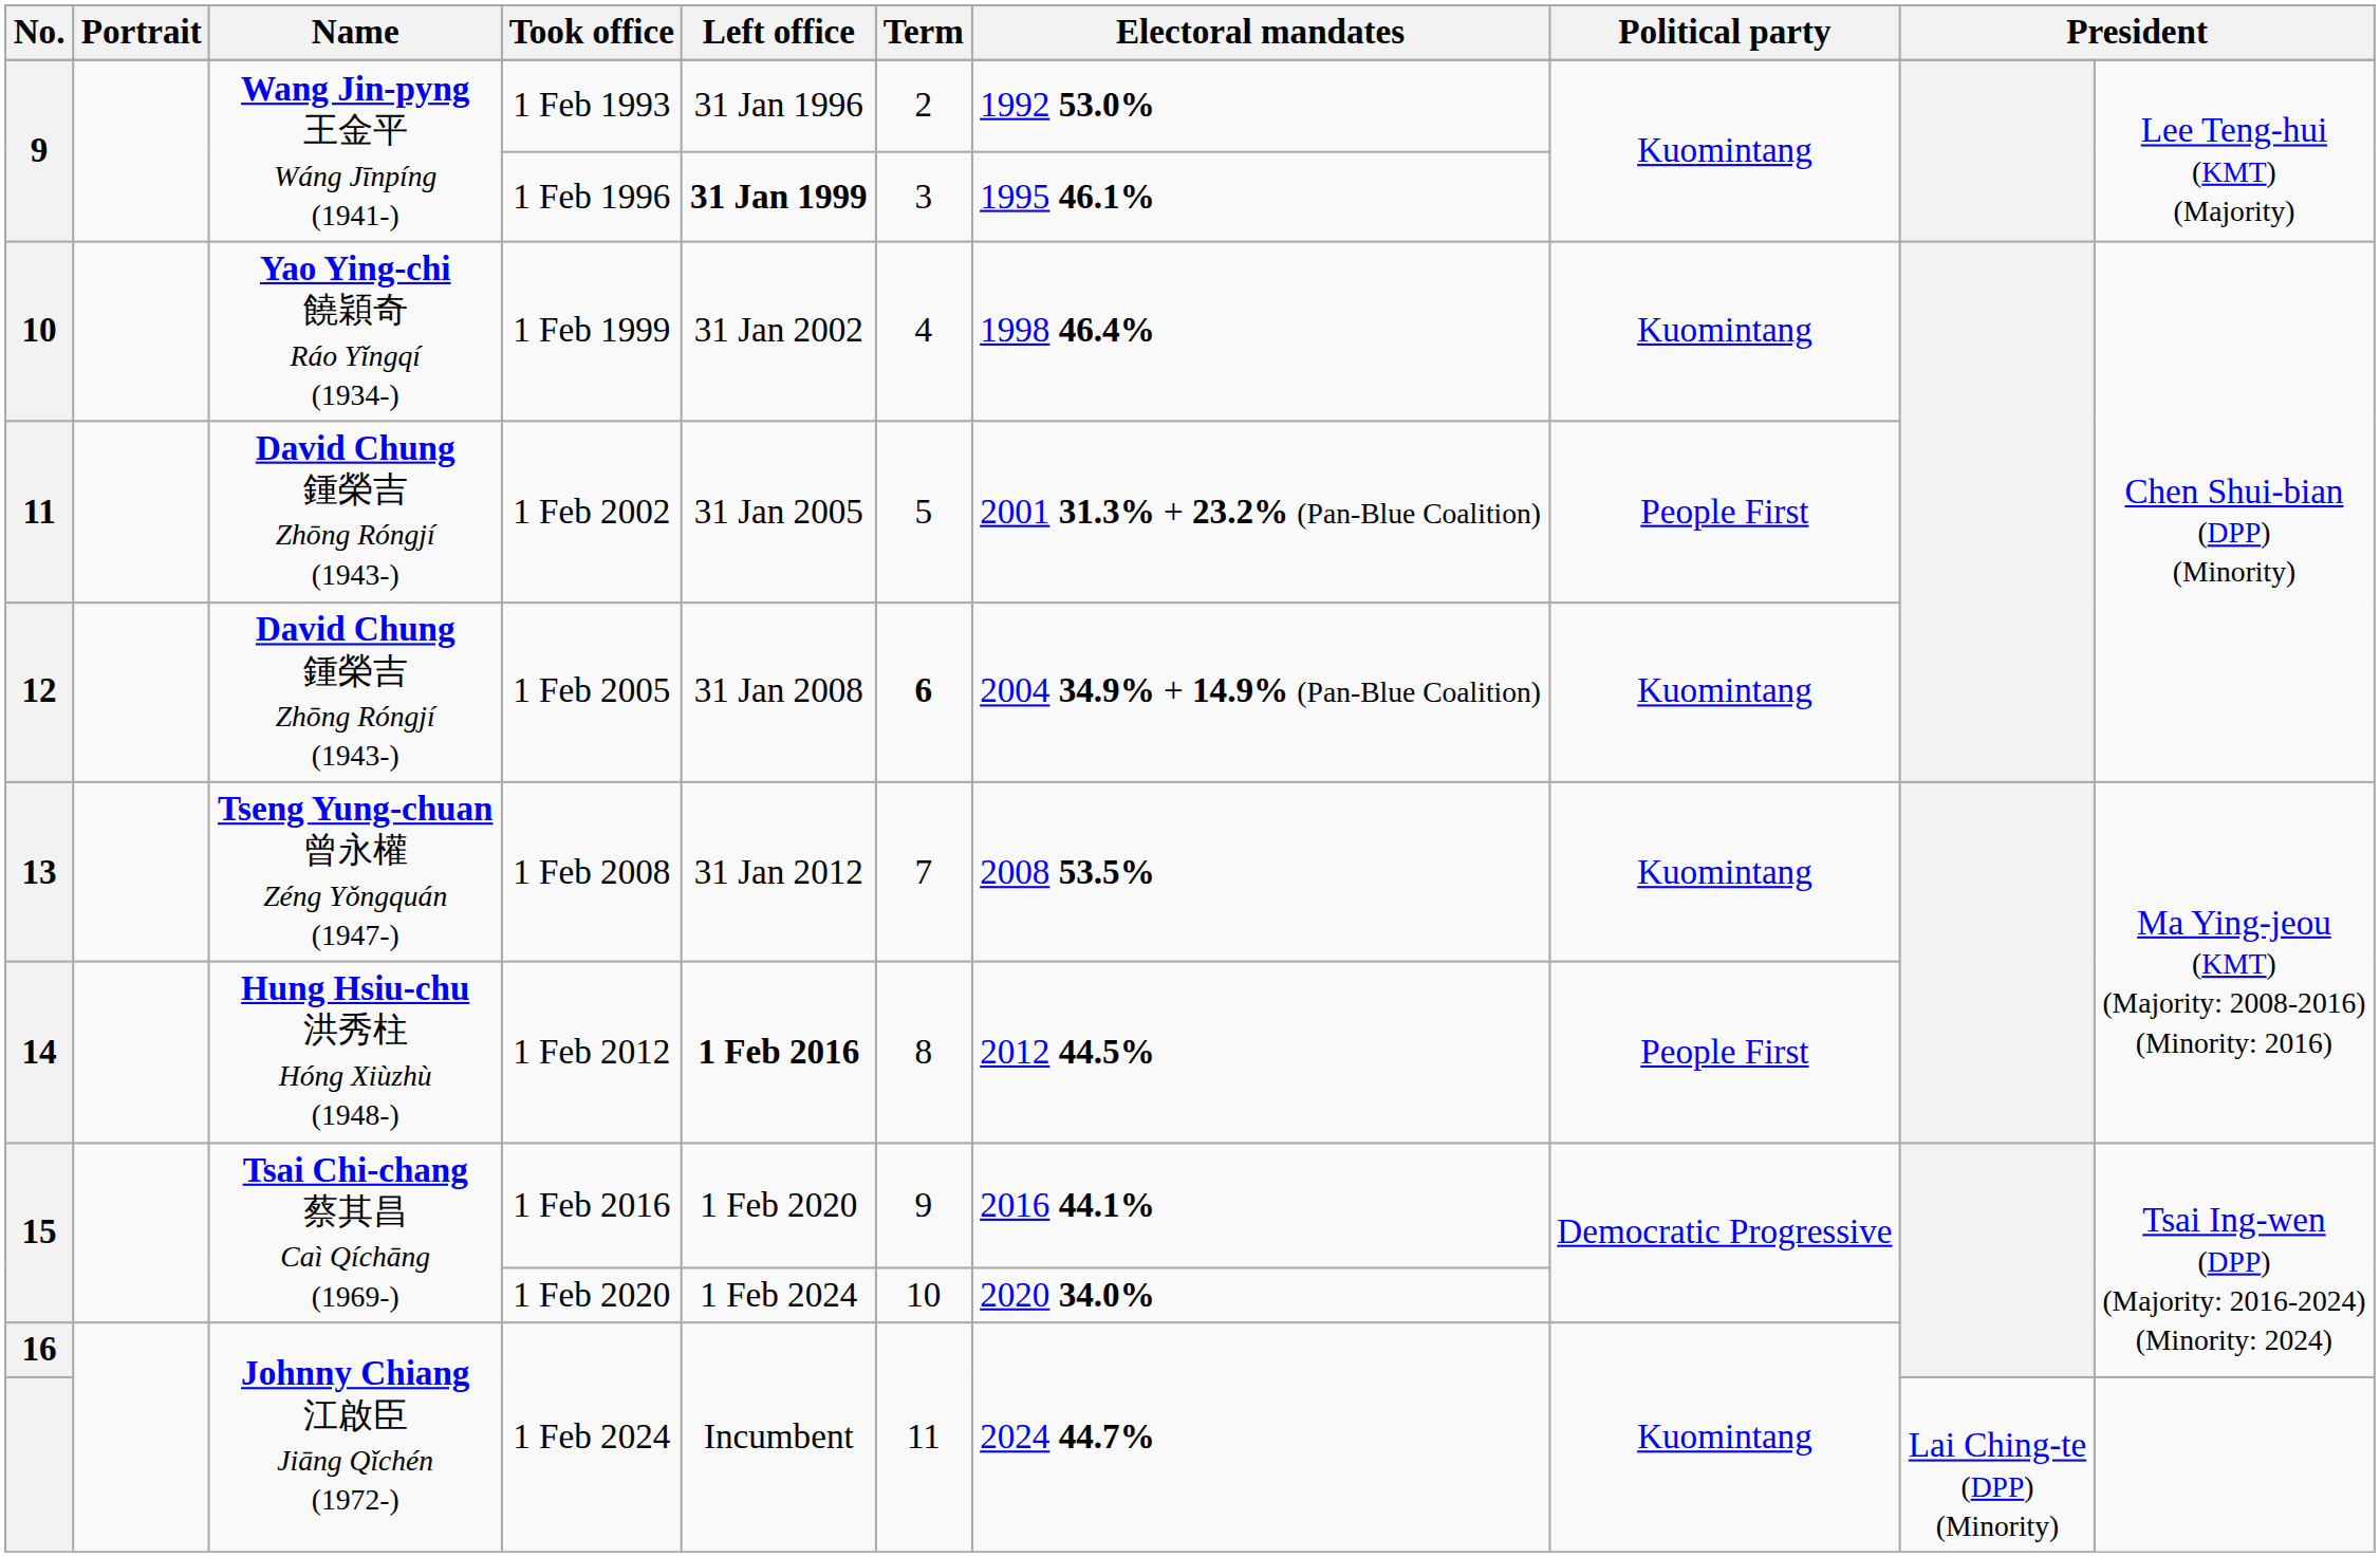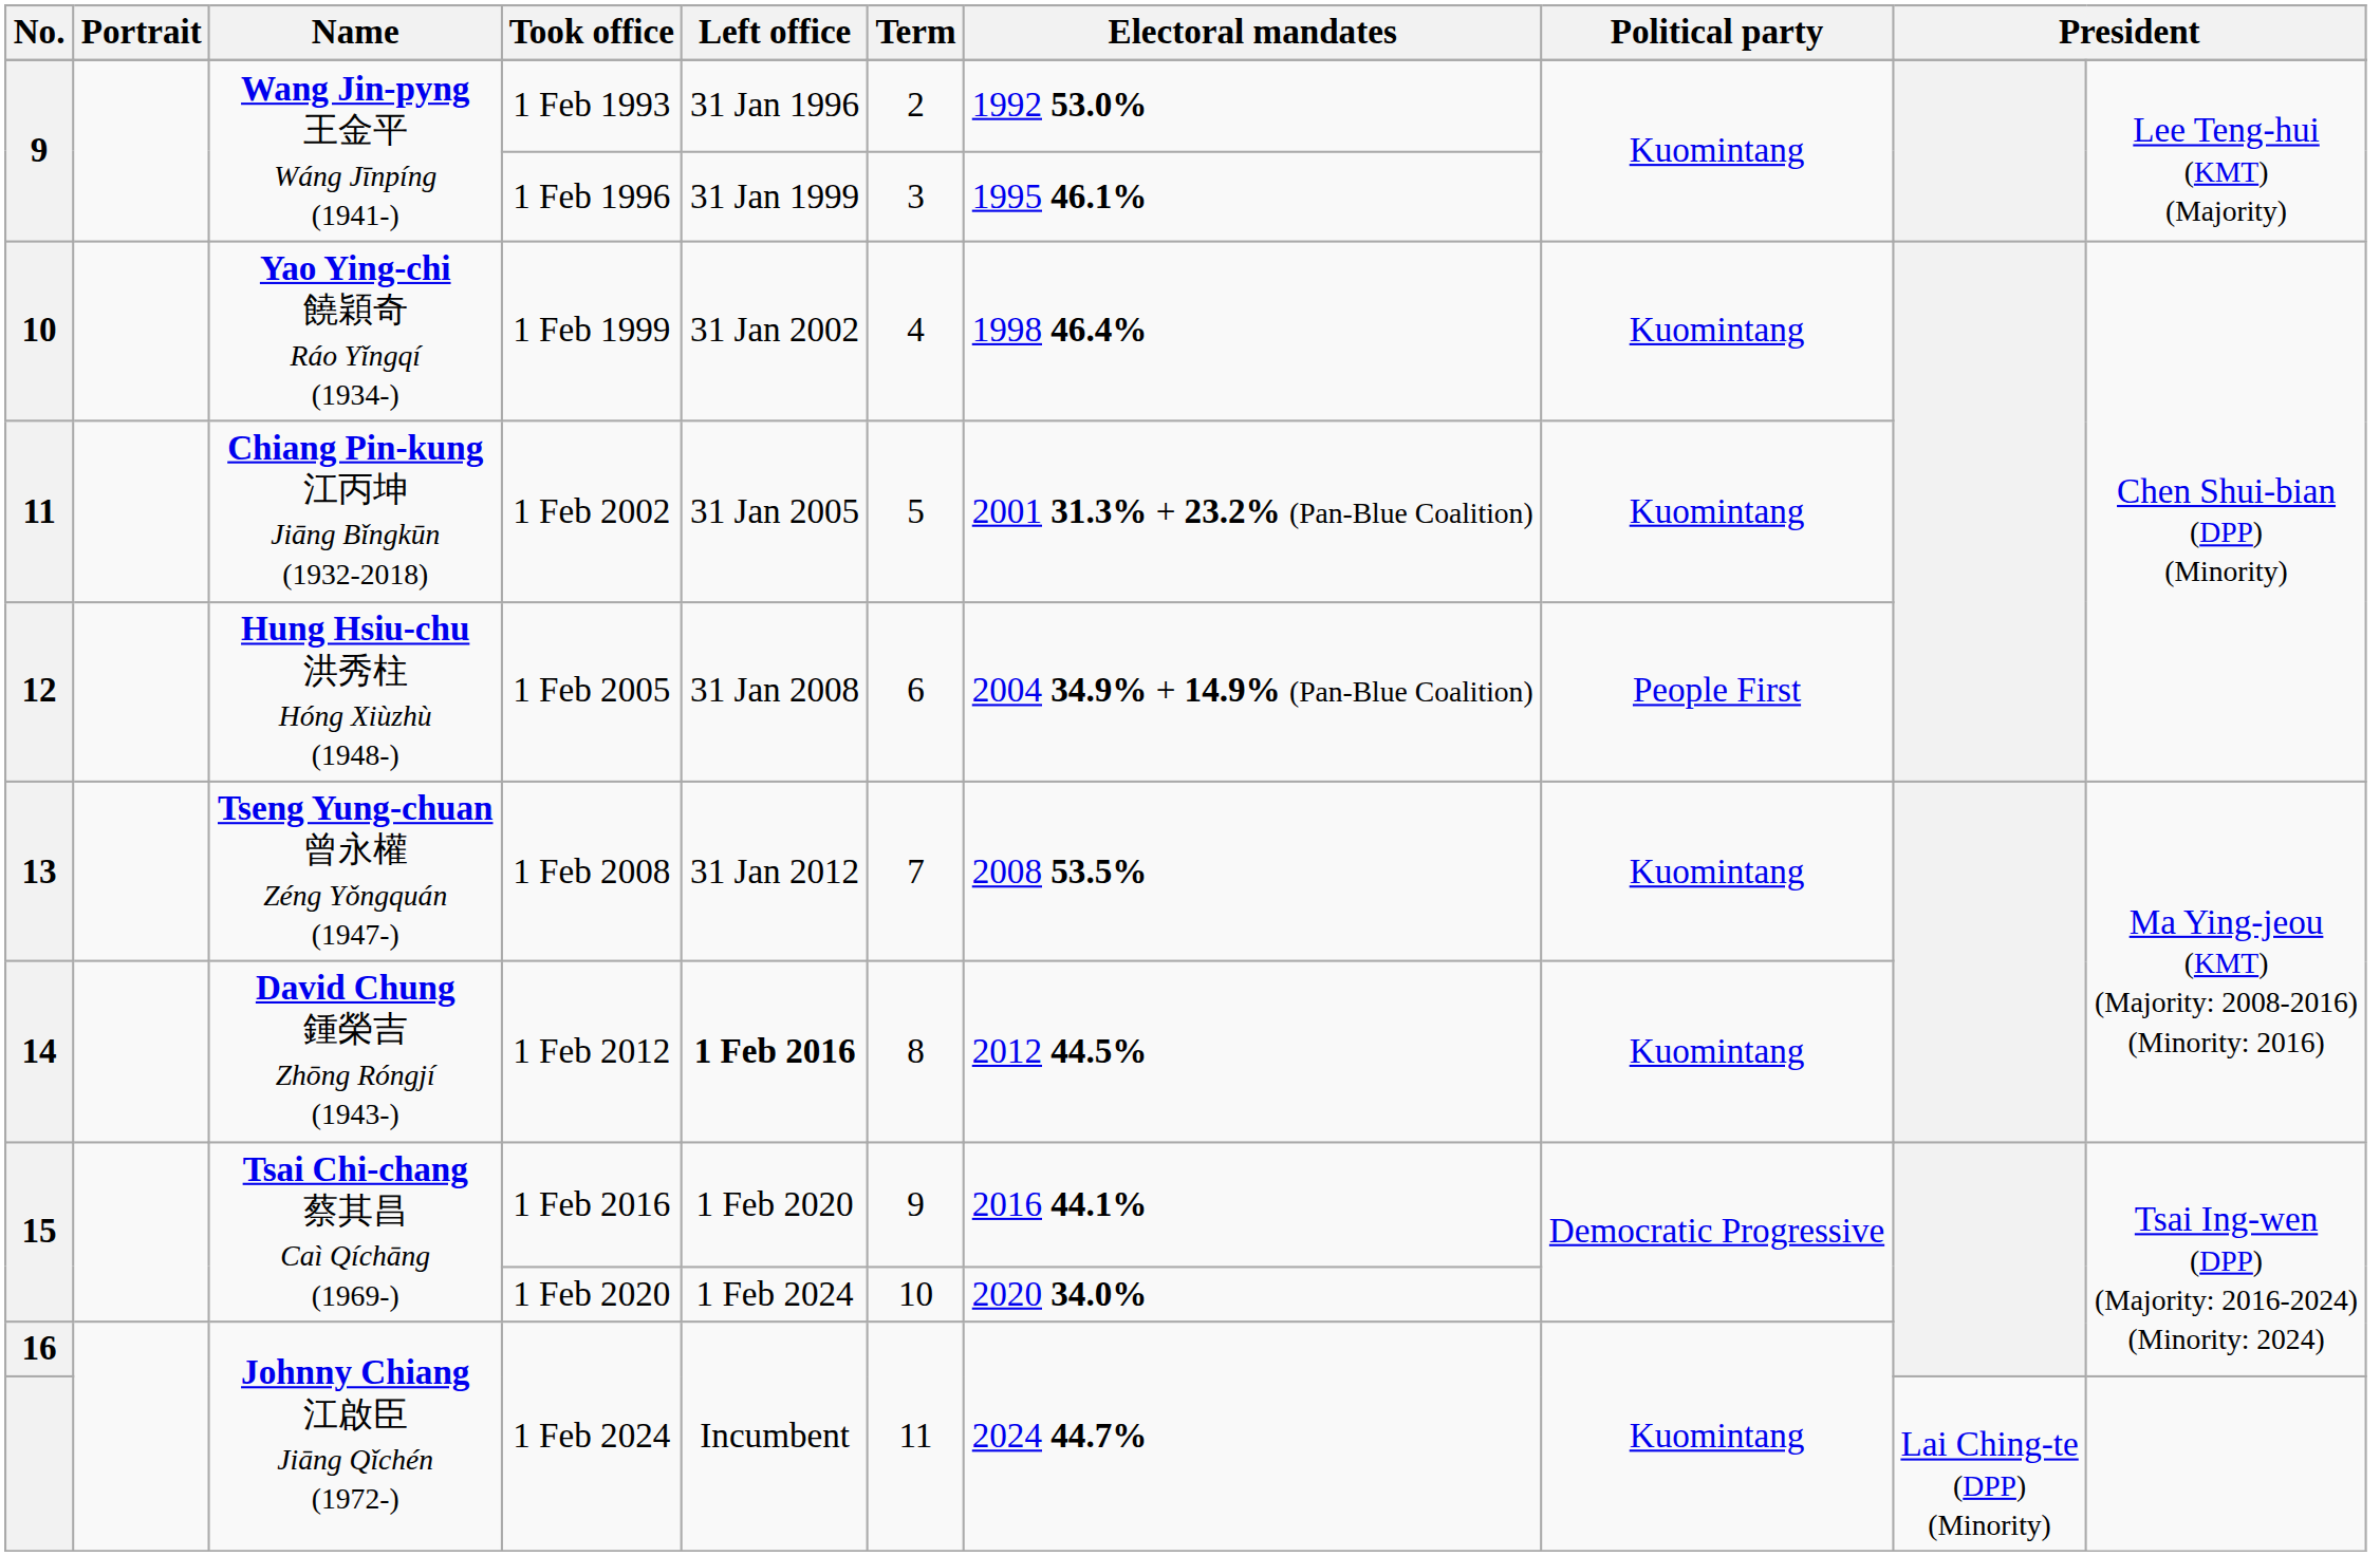 <table class=wikitable style="text-align:center;">
 <tr>
 <th>No.</th>
 <th>Portrait</th>
 <th>Name<br></th>
 <th>Took office</th>
 <th>Left office</th>
 <th>Term</th>
 <th>Electoral mandates <br></th>
 <th>Political party</th>
 <th colspan=2>President<br></th>
 </tr>
 <tr>
 </tr>
 <tr>
 <th rowspan=2 style="background:">9</th>
 <td rowspan=2></td>
 <td rowspan=2><strong><a href='#'>Wang Jin-pyng</a></strong><br><span>王金平</span><br><small><em>Wáng Jīnpíng</em></small><br><small>(1941-)</small><br></td>
 <td>1 Feb 1993</td>
 <td>31 Jan 1996</td>
 <td>2</td>
 <td align=left><a href='#'>1992</a> <strong>53.0%</strong></td>
 <td rowspan=2><a href='#'>Kuomintang</a></td>
 <th rowspan=3 style="background:"></th>
 <td rowspan=3><br><a href='#'>Lee Teng-hui</a><br><small>(<a href='#'>KMT</a>)</small><br><small>(Majority)</small></td>
 </tr>
 <tr>
 <td>1 Feb 1996</td>
-<td><strong>31 Jan 1999</strong></td>
+<td>31 Jan 1999</td>
 <td>3</td>
 <td align=left><a href='#'>1995</a> <strong>46.1%</strong></td>
 </tr>
 <tr>
 <th rowspan=2 style="background:">10</th>
 <td rowspan=2></td>
 <td rowspan=2><strong><a href='#'>Yao Ying-chi</a></strong><br><span>饒穎奇</span><br><small><em>Ráo Yǐngqí</em></small><br><small>(1934-)</small><br></td>
 <td rowspan=2>1 Feb 1999</td>
 <td rowspan=2>31 Jan 2002</td>
 <td rowspan=2>4</td>
 <td align=left rowspan=2><a href='#'>1998</a> <strong>46.4%</strong></td>
 <td rowspan=2><a href='#'>Kuomintang</a></td>
 </tr>
 <tr>
 <th rowspan=4 style="background:"></th>
 <td rowspan=4><br><a href='#'>Chen Shui-bian</a><br><small>(<a href='#'>DPP</a>)</small><br><small>(Minority)</small></td>
 </tr>
 <tr>
 <th style="background:">11</th>
 <td></td>
-<td><strong><a href='#'>David Chung</a></strong><br><span>鍾榮吉</span><br><small><em>Zhōng Róngjí</em></small><br><small>(1943-)</small><br></td>
+<td><strong><a href='#'>Chiang Pin-kung</a></strong><br><span>江丙坤</span><br><small><em>Jiāng Bǐngkūn</em></small><br><small>(1932-2018)</small><br></td>
 <td>1 Feb 2002</td>
 <td>31 Jan 2005</td>
 <td>5</td>
 <td align=left><a href='#'>2001</a> <strong>31.3%</strong> + <strong>23.2%</strong> <small>(Pan-Blue Coalition)</small></td>
-<td><a href='#'>People First</a></td>
+<td><a href='#'>Kuomintang</a></td>
 </tr>
 <tr>
 <th style="background:">12</th>
 <td></td>
-<td><strong><a href='#'>David Chung</a></strong><br><span>鍾榮吉</span><br><small><em>Zhōng Róngjí</em></small><br><small>(1943-)</small><br></td>
+<td><strong><a href='#'>Hung Hsiu-chu</a></strong><br><span>洪秀柱</span><br><small><em>Hóng Xiùzhù</em></small><br><small>(1948-)</small><br></td>
 <td>1 Feb 2005</td>
 <td>31 Jan 2008</td>
-<td><strong>6</strong></td>
+<td>6</td>
 <td align=left><a href='#'>2004</a> <strong>34.9%</strong> + <strong>14.9%</strong> <small>(Pan-Blue Coalition)</small></td>
-<td><a href='#'>Kuomintang</a></td>
+<td><a href='#'>People First</a></td>
 </tr>
 <tr>
 <th rowspan=2 style="background:">13</th>
 <td rowspan=2></td>
 <td rowspan=2><strong><a href='#'>Tseng Yung-chuan</a></strong><br><span>曾永權</span><br><small><em>Zéng Yǒngquán</em></small><br><small>(1947-)</small><br></td>
 <td rowspan=2>1 Feb 2008</td>
 <td rowspan=2>31 Jan 2012</td>
 <td rowspan=2>7</td>
 <td align=left rowspan=2><a href='#'>2008</a> <strong>53.5%</strong></td>
 <td rowspan=2><a href='#'>Kuomintang</a></td>
 </tr>
 <tr>
 <th rowspan=3 style="background:"></th>
 <td rowspan=3><br><a href='#'>Ma Ying-jeou</a><br><small>(<a href='#'>KMT</a>)</small><small><br>(Majority: 2008-2016)<br>(Minority: 2016)</small></td>
 </tr>
 <tr>
 <th style="background:">14</th>
 <td></td>
-<td><strong><a href='#'>Hung Hsiu-chu</a></strong><br><span>洪秀柱</span><br><small><em>Hóng Xiùzhù</em></small><br><small>(1948-)</small><br></td>
+<td><strong><a href='#'>David Chung</a></strong><br><span>鍾榮吉</span><br><small><em>Zhōng Róngjí</em></small><br><small>(1943-)</small><br></td>
 <td>1 Feb 2012</td>
 <td><strong>1 Feb 2016</strong></td>
 <td>8</td>
 <td align=left><a href='#'>2012</a> <strong>44.5%</strong></td>
-<td><a href='#'>People First</a></td>
+<td><a href='#'>Kuomintang</a></td>
 </tr>
 <tr>
 <th rowspan=3 style="background:">15</th>
 <td rowspan=3></td>
 <td rowspan=3><strong><a href='#'>Tsai Chi-chang</a></strong><br><span>蔡其昌</span><br><small><em>Caì Qíchāng</em></small><br><small>(1969-)</small><br></td>
 <td rowspan=2>1 Feb 2016</td>
 <td rowspan=2>1 Feb 2020</td>
 <td rowspan=2>9</td>
 <td align=left rowspan=2><a href='#'>2016</a> <strong>44.1%</strong></td>
 <td rowspan=3><a href='#'>Democratic Progressive</a></td>
 </tr>
 <tr>
 <th rowspan=3 style="background:"></th>
 <td rowspan=3><br><a href='#'>Tsai Ing-wen</a><br><small>(<a href='#'>DPP</a>)</small><small><br>(Majority: 2016-2024)<br>(Minority: 2024)</small></td>
 </tr>
 <tr>
 <td>1 Feb 2020</td>
 <td>1 Feb 2024</td>
 <td>10</td>
 <td align=left><a href='#'>2020</a> <strong>34.0%</strong></td>
 </tr>
 <tr>
 <th style="background:">16</th>
 <td rowspan=2></td>
 <td rowspan=2><strong><a href='#'>Johnny Chiang</a></strong><br><span>江啟臣</span><br><small><em>Jiāng Qǐchén</em></small><br><small>(1972-)</small><br></td>
 <td rowspan=2>1 Feb 2024</td>
 <td rowspan=2>Incumbent</td>
 <td rowspan=2>11</td>
 <td align=left rowspan=2><a href='#'>2024</a> <strong>44.7%</strong></td>
 <td rowspan=2><a href='#'>Kuomintang</a></td>
 </tr>
 <tr>
 <th style="background:"></th>
 <td><br><a href='#'>Lai Ching-te</a><br><small>(<a href='#'>DPP</a>)</small><small><br>(Minority)</small></td>
 </tr>
 <tr>
 </tr>
 </table>
